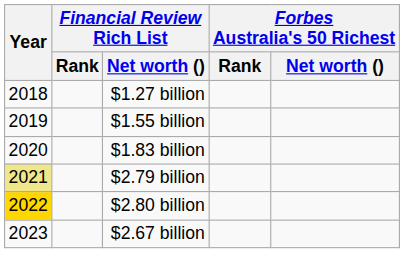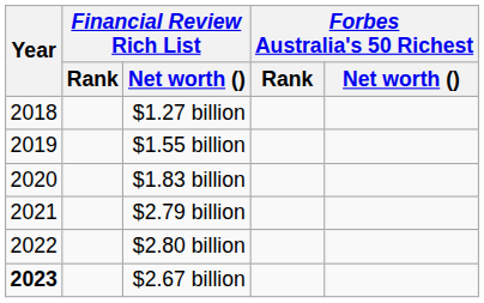 <table class="wikitable">
 <tr>
 <th rowspan=2>Year</th>
 <th colspan="2"><em><a href='#'>Financial Review</a></em><br><a href='#'>Rich List</a></th>
 <th colspan="2"><em><a href='#'>Forbes</a></em><br><a href='#'>Australia's 50 Richest</a></th>
 </tr>
 <tr>
 <th>Rank</th>
 <th><a href='#'>Net worth</a> ()</th>
 <th>Rank</th>
 <th><a href='#'>Net worth</a> ()</th>
 </tr>
 <tr>
 <td>2018</td>
 <td style="text-align:center;"> </td>
 <td style="text-align:right;">$1.27 billion </td>
 <td align="center"></td>
 <td align="right"></td>
 </tr>
 <tr>
 <td>2019</td>
 <td align="center"></td>
 <td align="right">$1.55 billion </td>
 <td align="center"></td>
 <td align="right"></td>
 </tr>
 <tr>
 <td>2020</td>
 <td align="center"></td>
 <td align="right">$1.83 billion </td>
 <td align="center"></td>
 <td align="right"></td>
 </tr>
 <tr>
-<td style="background: khaki;">2021</td>
+<td>2021</td>
 <td align="center"></td>
 <td align="right">$2.79 billion </td>
 <td align="center"></td>
 <td align="right"></td>
 </tr>
 <tr>
-<td style="background: gold;">2022</td>
+<td>2022</td>
 <td align="center"></td>
 <td align="right">$2.80 billion </td>
 <td align="center"></td>
 <td align="right"></td>
 </tr>
 <tr>
-<td>2023</td>
+<td><strong>2023</strong></td>
 <td align="center"></td>
 <td align="right">$2.67 billion </td>
 <td align="center"></td>
 <td align="right"></td>
 </tr>
 </table>
